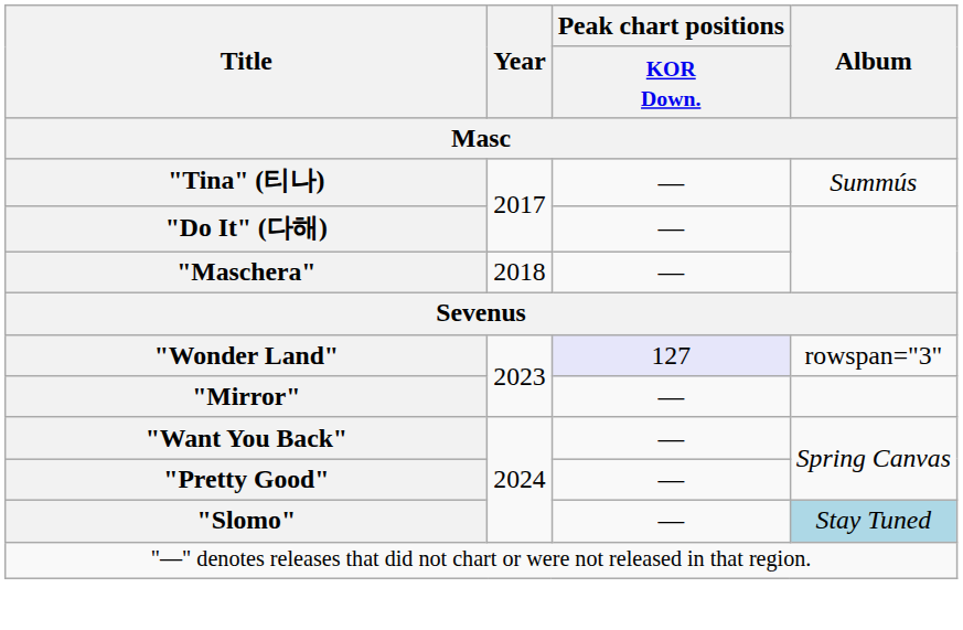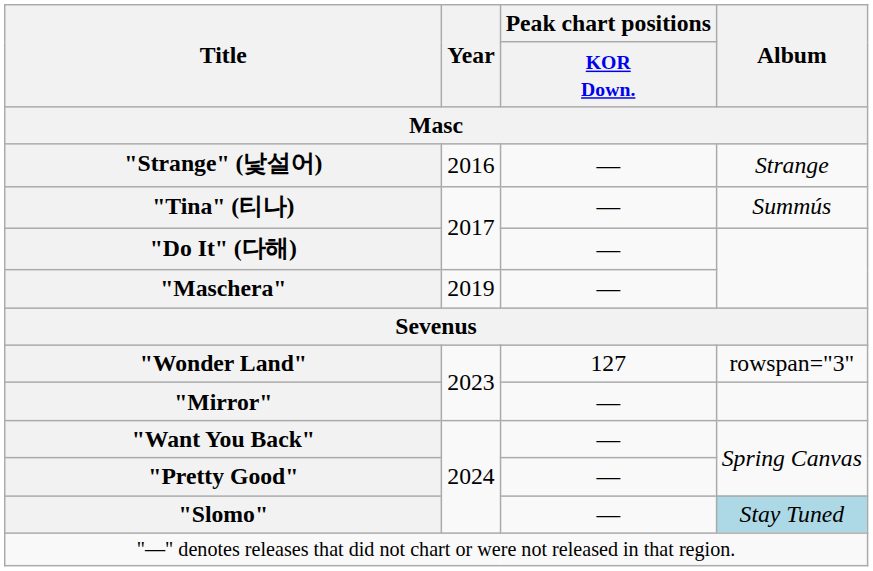 <table class="wikitable plainrowheaders" style="text-align:center;">
 <tr>
 <th scope="col" rowspan="2" style="width:18em;">Title</th>
 <th scope="col" rowspan="2">Year</th>
 <th scope="col" colspan="1">Peak chart positions</th>
 <th scope="col" rowspan="2">Album</th>
 </tr>
 <tr>
 <th scope="col" style="font-size:90% width:2.5em"><small><a href='#'>KOR<br>Down.</a></small><br></th>
 </tr>
 <tr>
 <th colspan="4">Masc</th>
 </tr>
 <tr>
+<th scope="row">"Strange" (낯설어)</th>
+<td>2016</td>
+<td>—</td>
+<td><em>Strange</em></td>
+</tr>
+<tr>
 <th scope="row">"Tina" (티나)</th>
 <td rowspan="2">2017</td>
 <td>—</td>
 <td><em>Summús</em></td>
 </tr>
 <tr>
 <th scope="row">"Do It" (다해)</th>
 <td>—</td>
 </tr>
 <tr>
 <th scope="row">"Maschera"</th>
-<td>2018</td>
+<td>2019</td>
 <td>—</td>
 </tr>
 <tr>
 <th colspan="4">Sevenus</th>
 </tr>
 <tr>
 <th scope="row">"Wonder Land"</th>
 <td rowspan="2">2023</td>
-<td style="background: lavender;">127</td>
+<td>127</td>
 <td>rowspan="3" </td>
 </tr>
 <tr>
 <th scope="row">"Mirror"</th>
 <td>—</td>
 <td></td>
 </tr>
 <tr>
 <th scope="row">"Want You Back"</th>
 <td rowspan="3">2024</td>
 <td>—</td>
 <td rowspan="2"><em>Spring Canvas</em></td>
 </tr>
 <tr>
 <th scope="row">"Pretty Good"</th>
 <td>—</td>
 </tr>
 <tr>
 <th scope="row">"Slomo"</th>
 <td>—</td>
 <td style="background: lightblue;"><em>Stay Tuned</em></td>
 </tr>
 <tr>
 <td colspan="4" style="font-size:85%;">"—" denotes releases that did not chart or were not released in that region.</td>
 </tr>
 </table>
